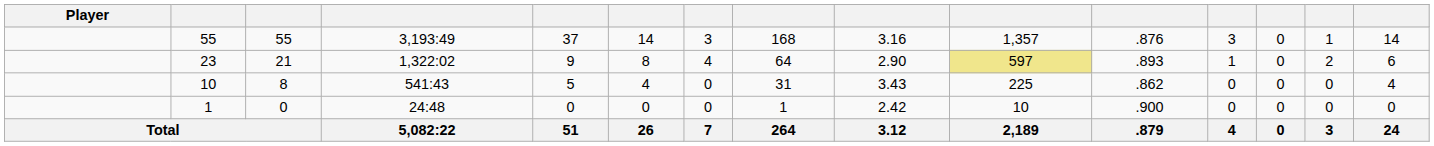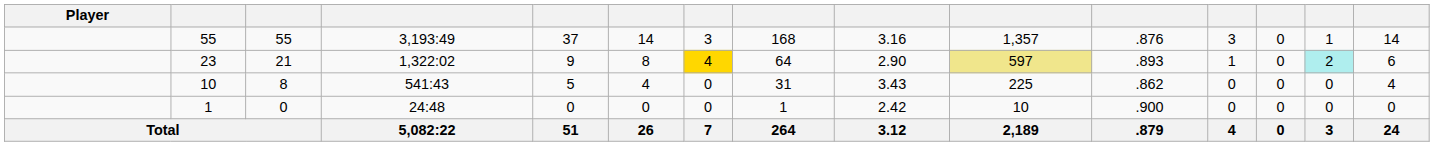 <table class="wikitable sortable" style="width:100%;">
 <tr style="text-align:center; background:#ddd;">
 <th>Player</th>
 <th></th>
 <th></th>
 <th></th>
 <th></th>
 <th></th>
 <th></th>
 <th></th>
 <th></th>
 <th></th>
 <th></th>
 <th></th>
 <th></th>
 <th></th>
 <th></th>
 </tr>
 <tr align=center>
 <td></td>
 <td>55</td>
 <td>55</td>
 <td>3,193:49</td>
 <td>37</td>
 <td>14</td>
 <td>3</td>
 <td>168</td>
 <td>3.16</td>
 <td>1,357</td>
 <td>.876</td>
 <td>3</td>
 <td>0</td>
 <td>1</td>
 <td>14</td>
 </tr>
 <tr align=center>
 <td></td>
 <td>23</td>
 <td>21</td>
 <td>1,322:02</td>
 <td>9</td>
 <td>8</td>
-<td>4</td>
+<td style="background: gold;">4</td>
 <td>64</td>
 <td>2.90</td>
 <td style="background: khaki;">597</td>
 <td>.893</td>
 <td>1</td>
 <td>0</td>
-<td>2</td>
+<td style="background: paleturquoise;">2</td>
 <td>6</td>
 </tr>
 <tr align=center>
 <td></td>
 <td>10</td>
 <td>8</td>
 <td>541:43</td>
 <td>5</td>
 <td>4</td>
 <td>0</td>
 <td>31</td>
 <td>3.43</td>
 <td>225</td>
 <td>.862</td>
 <td>0</td>
 <td>0</td>
 <td>0</td>
 <td>4</td>
 </tr>
 <tr align=center>
 <td></td>
 <td>1</td>
 <td>0</td>
 <td>24:48</td>
 <td>0</td>
 <td>0</td>
 <td>0</td>
 <td>1</td>
 <td>2.42</td>
 <td>10</td>
 <td>.900</td>
 <td>0</td>
 <td>0</td>
 <td>0</td>
 <td>0</td>
 </tr>
 <tr class="sortbotom">
 <th colspan=3>Total</th>
 <th>5,082:22</th>
 <th>51</th>
 <th>26</th>
 <th>7</th>
 <th>264</th>
 <th>3.12</th>
 <th>2,189</th>
 <th>.879</th>
 <th>4</th>
 <th>0</th>
 <th>3</th>
 <th>24</th>
 </tr>
 </table>
